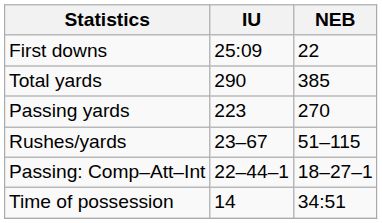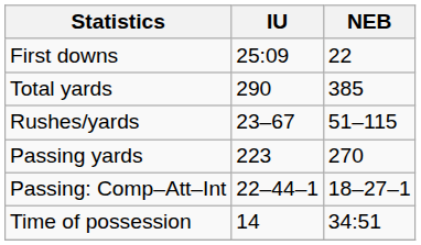 <table class="wikitable" style="float: left;">
 <tr>
 <th>Statistics</th>
 <th>IU</th>
 <th>NEB</th>
 </tr>
 <tr>
 <td>First downs</td>
 <td>25:09</td>
 <td>22</td>
 </tr>
 <tr>
 <td>Total yards</td>
 <td>290</td>
 <td>385</td>
 </tr>
 <tr>
+<td>Rushes/yards</td>
+<td>23–67</td>
+<td>51–115</td>
+</tr>
+<tr>
 <td>Passing yards</td>
 <td>223</td>
 <td>270</td>
-</tr>
-<tr>
-<td>Rushes/yards</td>
-<td>23–67</td>
-<td>51–115</td>
 </tr>
 <tr>
 <td>Passing: Comp–Att–Int</td>
 <td>22–44–1</td>
 <td>18–27–1</td>
 </tr>
 <tr>
 <td>Time of possession</td>
 <td>14</td>
 <td>34:51</td>
 </tr>
 <tr>
 </tr>
 </table>
